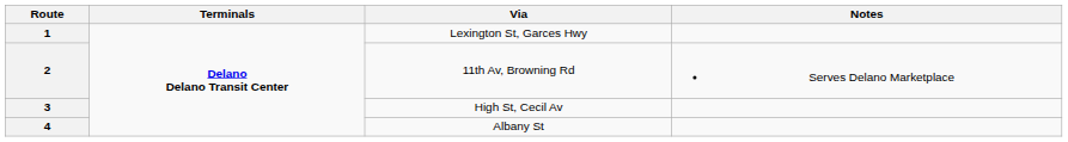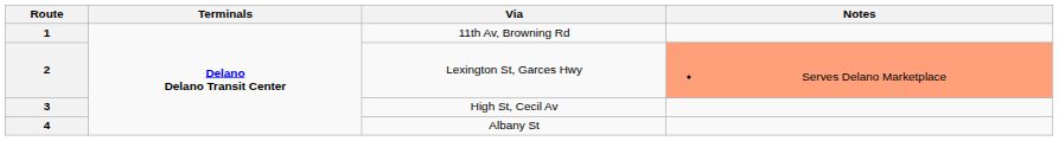 <table class="wikitable" style="text-align:center; width:90%">
 <tr>
 <th>Route</th>
 <th><strong>Terminals</strong></th>
 <th>Via</th>
 <th>Notes</th>
 </tr>
 <tr>
 <th>1</th>
 <td rowspan="4"><strong><a href='#'>Delano</a></strong><br><strong>Delano Transit Center</strong></td>
-<td>Lexington St, Garces Hwy</td>
+<td>11th Av, Browning Rd</td>
 <td></td>
 </tr>
 <tr>
 <th>2</th>
-<td>11th Av, Browning Rd</td>
-<td><br><ul><li>Serves Delano Marketplace</li></ul></td>
+<td>Lexington St, Garces Hwy</td>
+<td style="background: lightsalmon;"><br><ul><li>Serves Delano Marketplace</li></ul></td>
 </tr>
 <tr>
 <th>3</th>
 <td>High St, Cecil Av</td>
 <td></td>
 </tr>
 <tr>
 <th>4</th>
 <td>Albany St</td>
 <td></td>
 </tr>
 </table>
